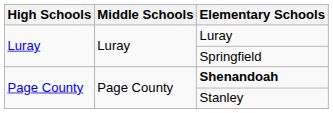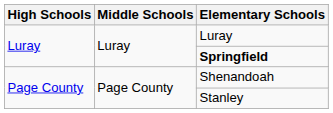 <table class="wikitable">
 <tr>
 <th>High Schools</th>
 <th>Middle Schools</th>
 <th>Elementary Schools</th>
 </tr>
 <tr>
 <td rowspan="2"><a href='#'>Luray</a></td>
 <td rowspan="2">Luray</td>
 <td>Luray</td>
 </tr>
 <tr>
-<td>Springfield</td>
+<td><strong>Springfield</strong></td>
 </tr>
 <tr>
 <td rowspan="2"><a href='#'>Page County</a></td>
 <td rowspan="2">Page County</td>
-<td><strong>Shenandoah</strong></td>
+<td>Shenandoah</td>
 </tr>
 <tr>
 <td>Stanley</td>
 </tr>
 </table>
